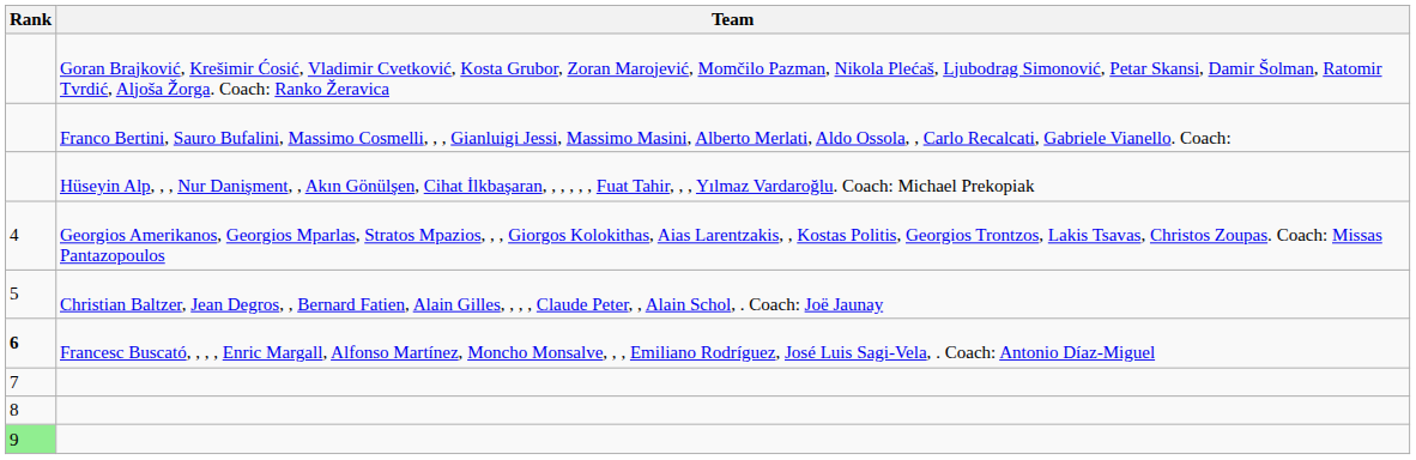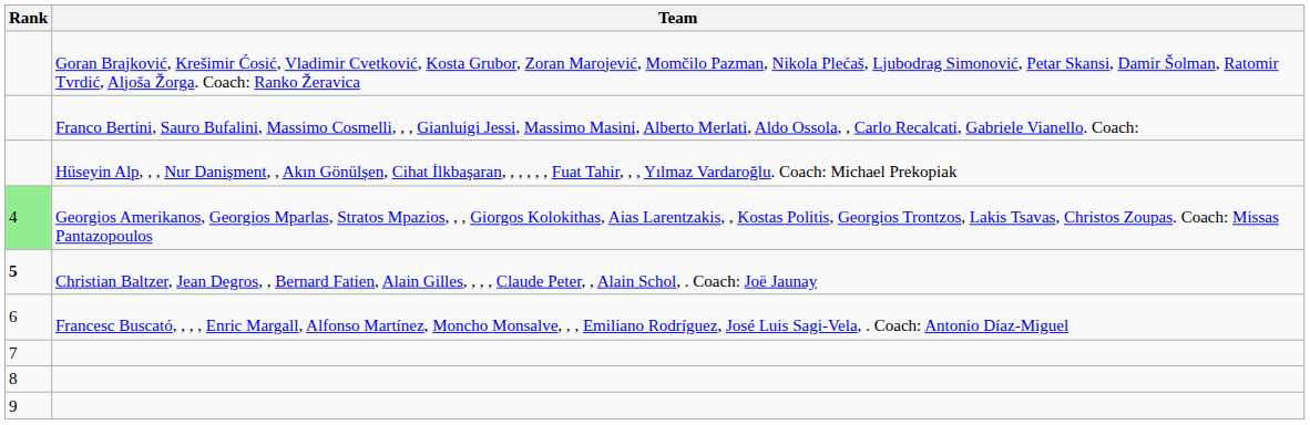 <table class="wikitable" border="1">
 <tr>
 <th>Rank</th>
 <th>Team</th>
 </tr>
 <tr>
 <td></td>
 <td><br><a href='#'>Goran Brajković</a>, <a href='#'>Krešimir Ćosić</a>, <a href='#'>Vladimir Cvetković</a>, <a href='#'>Kosta Grubor</a>, <a href='#'>Zoran Marojević</a>, <a href='#'>Momčilo Pazman</a>, <a href='#'>Nikola Plećaš</a>, <a href='#'>Ljubodrag Simonović</a>, <a href='#'>Petar Skansi</a>, <a href='#'>Damir Šolman</a>, <a href='#'>Ratomir Tvrdić</a>, <a href='#'>Aljoša Žorga</a>. Coach: <a href='#'>Ranko Žeravica</a></td>
 </tr>
 <tr>
 <td></td>
 <td><br><a href='#'>Franco Bertini</a>, <a href='#'>Sauro Bufalini</a>, <a href='#'>Massimo Cosmelli</a>, , , <a href='#'>Gianluigi Jessi</a>, <a href='#'>Massimo Masini</a>, <a href='#'>Alberto Merlati</a>, <a href='#'>Aldo Ossola</a>, , <a href='#'>Carlo Recalcati</a>, <a href='#'>Gabriele Vianello</a>. Coach: </td>
 </tr>
 <tr>
 <td></td>
 <td><br><a href='#'>Hüseyin Alp</a>, , , <a href='#'>Nur Danişment</a>, , <a href='#'>Akın Gönülşen</a>, <a href='#'>Cihat İlkbaşaran</a>, , , , , , <a href='#'>Fuat Tahir</a>, , , <a href='#'>Yılmaz Vardaroğlu</a>. Coach: Michael Prekopiak</td>
 </tr>
 <tr>
-<td>4</td>
+<td style="background: lightgreen;">4</td>
 <td><br><a href='#'>Georgios Amerikanos</a>, <a href='#'>Georgios Mparlas</a>, <a href='#'>Stratos Mpazios</a>, , , <a href='#'>Giorgos Kolokithas</a>, <a href='#'>Aias Larentzakis</a>, , <a href='#'>Kostas Politis</a>, <a href='#'>Georgios Trontzos</a>, <a href='#'>Lakis Tsavas</a>, <a href='#'>Christos Zoupas</a>. Coach: <a href='#'>Missas Pantazopoulos</a></td>
 </tr>
 <tr>
-<td>5</td>
+<td><strong>5</strong></td>
 <td><br><a href='#'>Christian Baltzer</a>, <a href='#'>Jean Degros</a>, , <a href='#'>Bernard Fatien</a>, <a href='#'>Alain Gilles</a>, , , , <a href='#'>Claude Peter</a>, , <a href='#'>Alain Schol</a>, . Coach: <a href='#'>Joë Jaunay</a></td>
 </tr>
 <tr>
-<td><strong>6</strong></td>
+<td>6</td>
 <td><br><a href='#'>Francesc Buscató</a>, , , , <a href='#'>Enric Margall</a>, <a href='#'>Alfonso Martínez</a>, <a href='#'>Moncho Monsalve</a>, , , <a href='#'>Emiliano Rodríguez</a>, <a href='#'>José Luis Sagi-Vela</a>, . Coach: <a href='#'>Antonio Díaz-Miguel</a></td>
 </tr>
 <tr>
 <td>7</td>
 <td></td>
 </tr>
 <tr>
 <td>8</td>
 <td></td>
 </tr>
 <tr>
-<td style="background: lightgreen;">9</td>
+<td>9</td>
 <td></td>
 </tr>
 </table>
